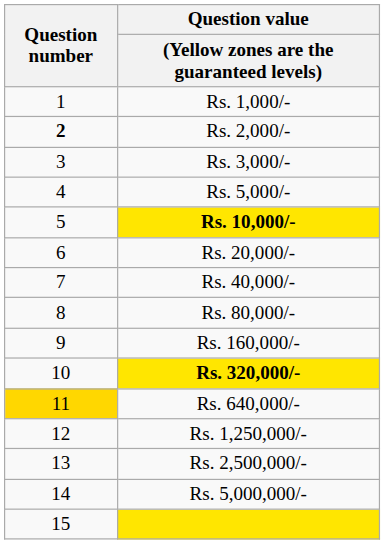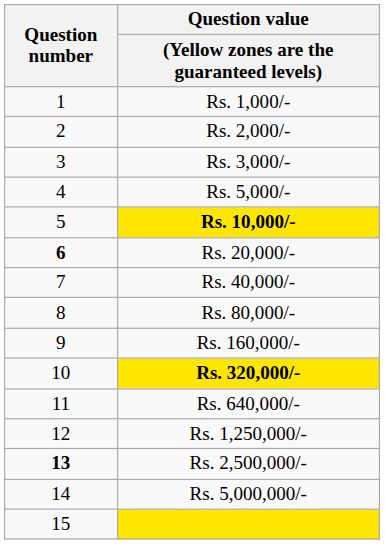 <table class="wikitable" style="text-align:center; border:1px;; cellpadding:2; cellspacing:0; width:25%;">
 <tr>
 <th rowspan="2" style="width: 30%">Question number</th>
 <th>Question value</th>
 </tr>
 <tr>
 <th style="width: 70%">(Yellow zones are the guaranteed levels)</th>
 </tr>
 <tr>
 <td>1</td>
 <td><span>Rs. 1,000/-</span></td>
 </tr>
 <tr>
-<td><strong>2</strong></td>
+<td>2</td>
 <td><span>Rs. 2,000/-</span></td>
 </tr>
 <tr>
 <td>3</td>
 <td><span>Rs. 3,000/-</span></td>
 </tr>
 <tr>
 <td>4</td>
 <td><span>Rs. 5,000/-</span></td>
 </tr>
 <tr>
 <td>5</td>
 <td style="background: #FFE600"><span><strong>Rs. 10,000/-</strong></span></td>
 </tr>
 <tr>
-<td>6</td>
+<td><strong>6</strong></td>
 <td><span>Rs. 20,000/-</span></td>
 </tr>
 <tr>
 <td>7</td>
 <td><span>Rs. 40,000/-</span></td>
 </tr>
 <tr>
 <td>8</td>
 <td><span>Rs. 80,000/-</span></td>
 </tr>
 <tr>
 <td>9</td>
 <td><span>Rs. 160,000/-</span></td>
 </tr>
 <tr>
 <td>10</td>
 <td style="background: #FFE600"><span><strong>Rs. 320,000/-</strong></span></td>
 </tr>
 <tr>
-<td style="background: gold;">11</td>
+<td>11</td>
 <td><span>Rs. 640,000/-</span></td>
 </tr>
 <tr>
 <td>12</td>
 <td><span>Rs. 1,250,000/-</span></td>
 </tr>
 <tr>
-<td>13</td>
+<td><strong>13</strong></td>
 <td><span>Rs. 2,500,000/-</span></td>
 </tr>
 <tr>
 <td>14</td>
 <td><span>Rs. 5,000,000/-</span></td>
 </tr>
 <tr>
 <td>15</td>
 <td style="background: #FFE600"><span><strong></strong></span></td>
 </tr>
 </table>
